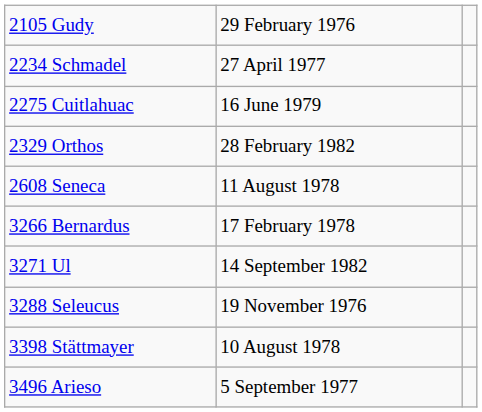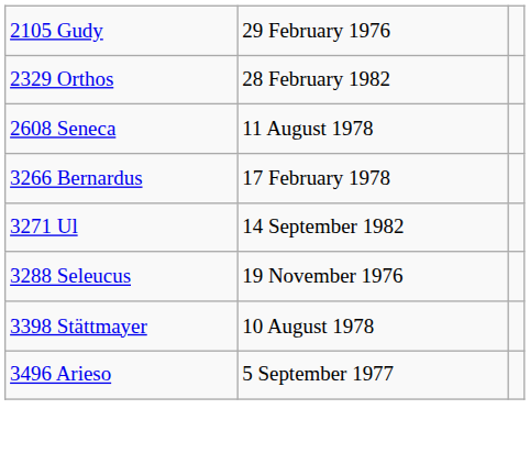 <table class="wikitable" style="font-size: 89%; float: left; width: 25em; margin-right: 1em; line-height: 1.65em !important; height: 270px;">
 <tr>
 <td><a href='#'>2105 Gudy</a></td>
 <td>29 February 1976</td>
-<td></td>
-</tr>
-<tr>
-<td><a href='#'>2234 Schmadel</a></td>
-<td>27 April 1977</td>
-<td></td>
-</tr>
-<tr>
-<td><a href='#'>2275 Cuitlahuac</a></td>
-<td>16 June 1979</td>
 <td></td>
 </tr>
 <tr>
 <td><a href='#'>2329 Orthos</a></td>
 <td>28 February 1982</td>
 <td></td>
 </tr>
 <tr>
 <td><a href='#'>2608 Seneca</a></td>
 <td>11 August 1978</td>
 <td></td>
 </tr>
 <tr>
 <td><a href='#'>3266 Bernardus</a></td>
 <td>17 February 1978</td>
 <td></td>
 </tr>
 <tr>
 <td><a href='#'>3271 Ul</a></td>
 <td>14 September 1982</td>
 <td></td>
 </tr>
 <tr>
 <td><a href='#'>3288 Seleucus</a></td>
 <td>19 November 1976</td>
 <td></td>
 </tr>
 <tr>
 <td><a href='#'>3398 Stättmayer</a></td>
 <td>10 August 1978</td>
 <td></td>
 </tr>
 <tr>
 <td><a href='#'>3496 Arieso</a></td>
 <td>5 September 1977</td>
 <td></td>
 </tr>
 </table>
